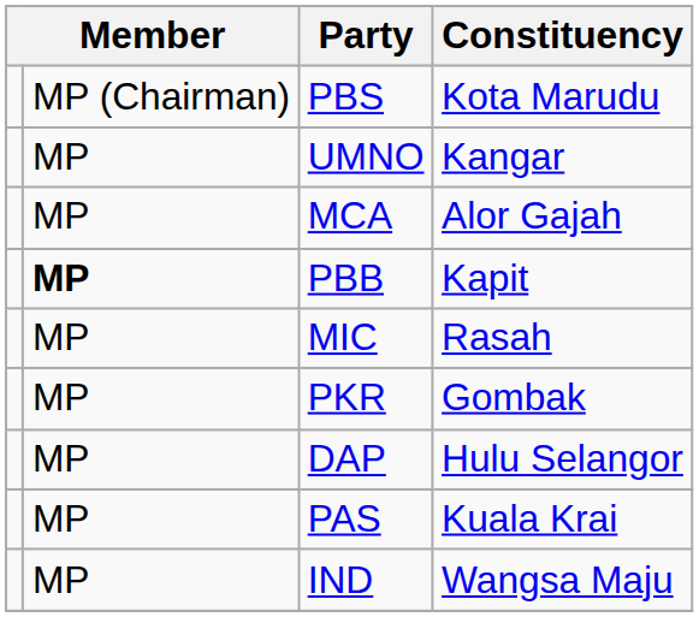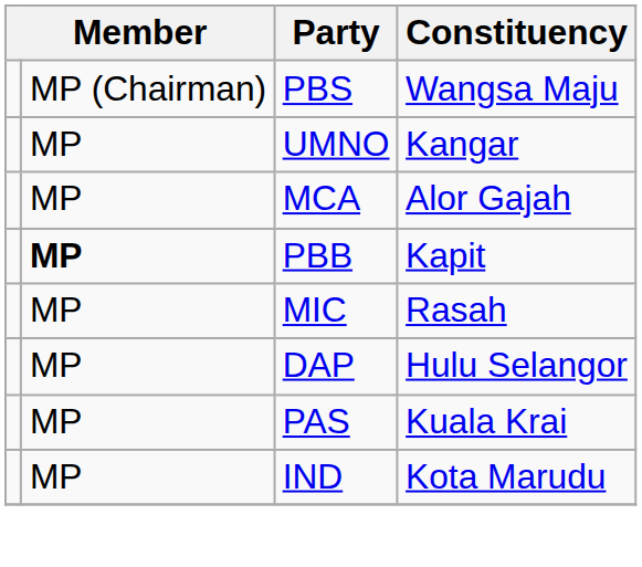 <table class="sortable wikitable">
 <tr>
 <th colspan="2" valign="top">Member</th>
 <th valign="top">Party</th>
 <th valign="top">Constituency</th>
 </tr>
 <tr>
 <td></td>
 <td> MP (Chairman)</td>
 <td><a href='#'>PBS</a></td>
-<td><a href='#'>Kota Marudu</a></td>
+<td><a href='#'>Wangsa Maju</a></td>
 </tr>
 <tr>
 <td></td>
 <td> MP</td>
 <td><a href='#'>UMNO</a></td>
 <td><a href='#'>Kangar</a></td>
 </tr>
 <tr>
 <td></td>
 <td> MP</td>
 <td><a href='#'>MCA</a></td>
 <td><a href='#'>Alor Gajah</a></td>
 </tr>
 <tr>
 <td></td>
 <td><strong> MP</strong></td>
 <td><a href='#'>PBB</a></td>
 <td><a href='#'>Kapit</a></td>
 </tr>
 <tr>
 <td></td>
 <td> MP</td>
 <td><a href='#'>MIC</a></td>
 <td><a href='#'>Rasah</a></td>
 </tr>
 <tr>
 <td></td>
 <td> MP</td>
-<td><a href='#'>PKR</a></td>
-<td><a href='#'>Gombak</a></td>
-</tr>
-<tr>
-<td></td>
-<td> MP</td>
 <td><a href='#'>DAP</a></td>
 <td><a href='#'>Hulu Selangor</a></td>
 </tr>
 <tr>
 <td></td>
 <td> MP</td>
 <td><a href='#'>PAS</a></td>
 <td><a href='#'>Kuala Krai</a></td>
 </tr>
 <tr>
 <td></td>
 <td> MP</td>
 <td><a href='#'>IND</a></td>
-<td><a href='#'>Wangsa Maju</a></td>
+<td><a href='#'>Kota Marudu</a></td>
 </tr>
 <tr>
 </tr>
 </table>
